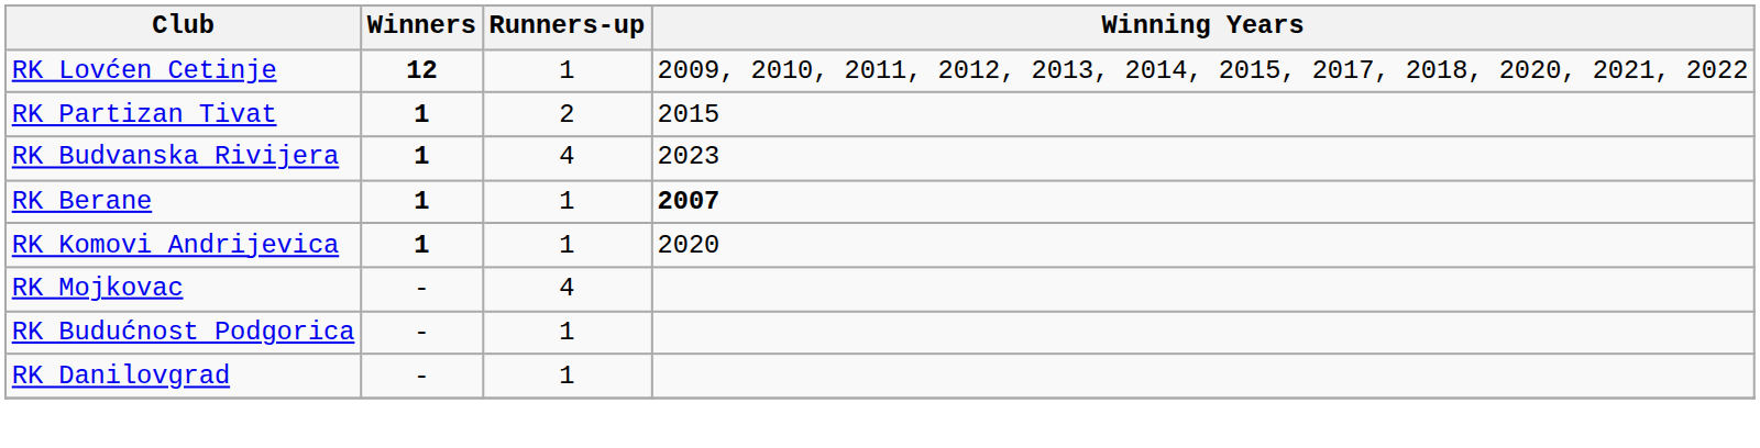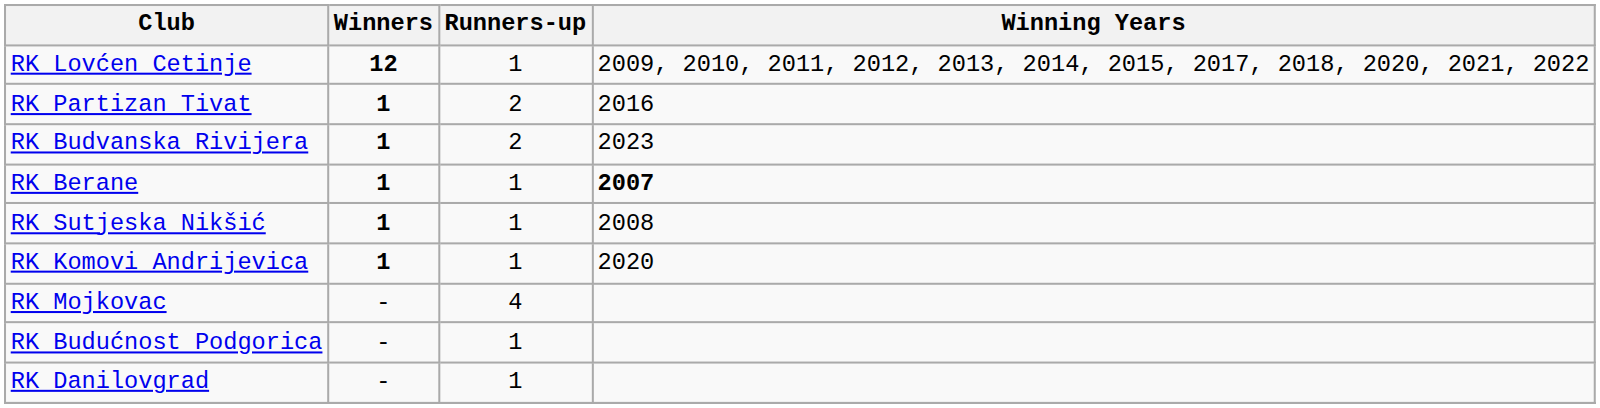 <table class="wikitable" style="font-size:90%">
 <tr>
 <th>Club</th>
 <th>Winners</th>
 <th>Runners-up</th>
 <th>Winning Years</th>
 </tr>
 <tr>
 <td><a href='#'>RK Lovćen Cetinje</a></td>
 <td style="text-align:center;"><strong>12</strong></td>
 <td style="text-align:center;">1</td>
 <td>2009, 2010, 2011, 2012, 2013, 2014, 2015, 2017, 2018, 2020, 2021, 2022</td>
 </tr>
 <tr>
 <td><a href='#'>RK Partizan Tivat</a></td>
 <td style="text-align:center;"><strong>1</strong></td>
 <td style="text-align:center;">2</td>
-<td>2015</td>
+<td>2016</td>
 </tr>
 <tr>
 <td><a href='#'>RK Budvanska Rivijera</a></td>
 <td style="text-align:center;"><strong>1</strong></td>
-<td style="text-align:center;">4</td>
+<td style="text-align:center;">2</td>
 <td>2023</td>
 </tr>
 <tr>
 <td><a href='#'>RK Berane</a></td>
 <td style="text-align:center;"><strong>1</strong></td>
 <td style="text-align:center;">1</td>
 <td><strong>2007</strong></td>
+</tr>
+<tr>
+<td><a href='#'>RK Sutjeska Nikšić</a></td>
+<td style="text-align:center;"><strong>1</strong></td>
+<td style="text-align:center;">1</td>
+<td>2008</td>
 </tr>
 <tr>
 <td><a href='#'>RK Komovi Andrijevica</a></td>
 <td style="text-align:center;"><strong>1</strong></td>
 <td style="text-align:center;">1</td>
 <td>2020</td>
 </tr>
 <tr>
 <td><a href='#'>RK Mojkovac</a></td>
 <td style="text-align:center;">-</td>
 <td style="text-align:center;">4</td>
 <td></td>
 </tr>
 <tr>
 <td><a href='#'>RK Budućnost Podgorica</a></td>
 <td style="text-align:center;">-</td>
 <td style="text-align:center;">1</td>
 <td></td>
 </tr>
 <tr>
 <td><a href='#'>RK Danilovgrad</a></td>
 <td style="text-align:center;">-</td>
 <td style="text-align:center;">1</td>
 <td></td>
 </tr>
 <tr>
 </tr>
 </table>
